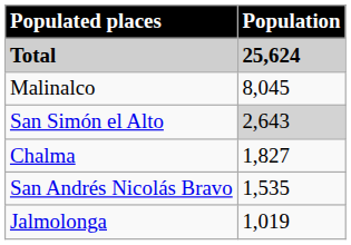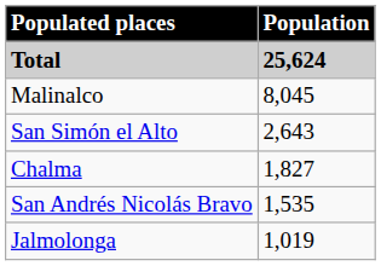 <table class="wikitable">
 <tr style="background:#000000; color:#FFFFFF;">
 <td><strong>Populated places </strong></td>
 <td><strong>Population</strong></td>
 </tr>
 <tr style="background:#CFCFCF;">
 <td><strong>Total</strong></td>
 <td><strong>25,624 </strong></td>
 </tr>
 <tr>
 <td>Malinalco</td>
 <td>8,045</td>
 </tr>
 <tr>
 <td><a href='#'>San Simón el Alto</a></td>
-<td style="background: lightgrey;">2,643</td>
+<td>2,643</td>
 </tr>
 <tr>
 <td><a href='#'>Chalma</a></td>
 <td>1,827</td>
 </tr>
 <tr>
 <td><a href='#'>San Andrés Nicolás Bravo</a></td>
 <td>1,535</td>
 </tr>
 <tr>
 <td><a href='#'>Jalmolonga</a></td>
 <td>1,019</td>
 </tr>
 </table>
